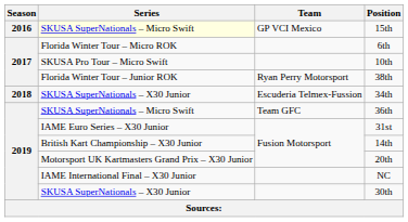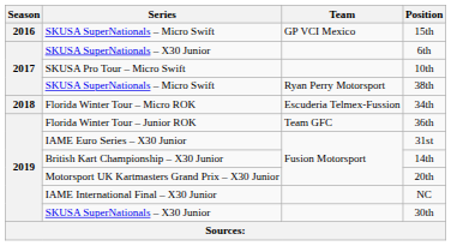 <table class="wikitable" style="font-size: 85%; text-align:center">
 <tr>
 <th>Season</th>
 <th>Series</th>
 <th>Team</th>
 <th>Position</th>
 </tr>
 <tr>
 <th>2016</th>
-<td align="left" style="background: lightyellow;"><a href='#'>SKUSA SuperNationals</a> – Micro Swift</td>
+<td align="left"><a href='#'>SKUSA SuperNationals</a> – Micro Swift</td>
 <td align="left">GP VCI Mexico</td>
 <td style="background:#;">15th</td>
 </tr>
 <tr>
 <th rowspan="3">2017</th>
-<td align="left">Florida Winter Tour – Micro ROK</td>
+<td align="left"><a href='#'>SKUSA SuperNationals</a> – X30 Junior</td>
 <td align="left"></td>
 <td style="background:#;">6th</td>
 </tr>
 <tr>
 <td align="left">SKUSA Pro Tour – Micro Swift</td>
 <td align="left"></td>
 <td style="background:#;">10th</td>
 </tr>
 <tr>
-<td align="left">Florida Winter Tour – Junior ROK</td>
+<td align="left"><a href='#'>SKUSA SuperNationals</a> – Micro Swift</td>
 <td align="left">Ryan Perry Motorsport</td>
 <td style="background:#;">38th</td>
 </tr>
 <tr>
 <th>2018</th>
-<td align="left"><a href='#'>SKUSA SuperNationals</a> – X30 Junior</td>
+<td align="left">Florida Winter Tour – Micro ROK</td>
 <td align="left">Escuderia Telmex-Fussion</td>
 <td style="background:#;">34th</td>
 </tr>
 <tr>
 <th rowspan="6">2019</th>
-<td align="left"><a href='#'>SKUSA SuperNationals</a> – Micro Swift</td>
+<td align="left">Florida Winter Tour – Junior ROK</td>
 <td align="left">Team GFC</td>
 <td style="background:#;">36th</td>
 </tr>
 <tr>
 <td align="left">IAME Euro Series – X30 Junior</td>
 <td align="left" rowspan="3">Fusion Motorsport</td>
 <td style="background:#;">31st</td>
 </tr>
 <tr>
 <td align="left">British Kart Championship – X30 Junior</td>
 <td style="background:#;">14th</td>
 </tr>
 <tr>
 <td align="left">Motorsport UK Kartmasters Grand Prix – X30 Junior</td>
 <td style="background:#;">20th</td>
 </tr>
 <tr>
 <td align="left">IAME International Final – X30 Junior</td>
 <td align="left"></td>
 <td style="background:#;">NC</td>
 </tr>
 <tr>
 <td align="left"><a href='#'>SKUSA SuperNationals</a> – X30 Junior</td>
 <td align="left"></td>
 <td style="background:#;">30th</td>
 </tr>
 <tr>
 <th colspan="4">Sources:</th>
 </tr>
 </table>
